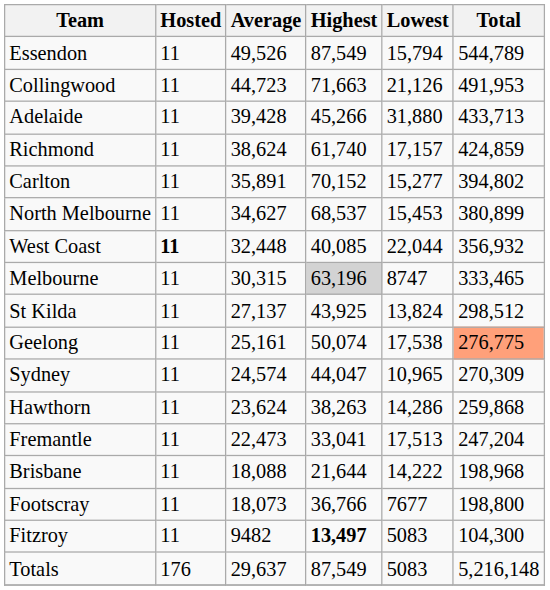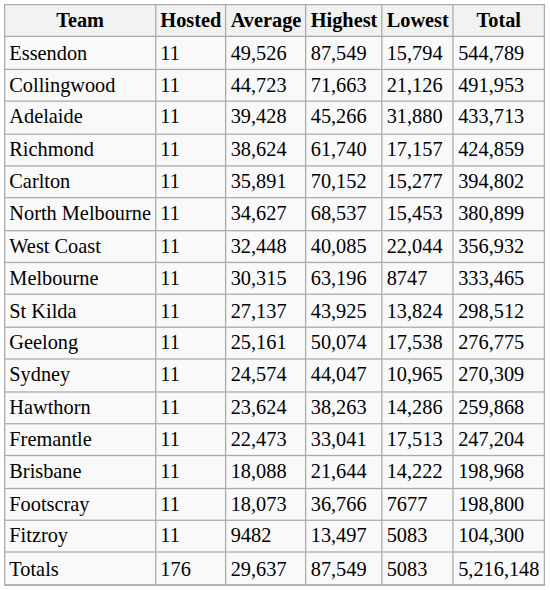 <table class="wikitable sortable">
 <tr>
 <th>Team</th>
 <th>Hosted</th>
 <th>Average</th>
 <th>Highest</th>
 <th>Lowest</th>
 <th>Total</th>
 </tr>
 <tr>
 <td>Essendon</td>
 <td>11</td>
 <td>49,526</td>
 <td>87,549</td>
 <td>15,794</td>
 <td>544,789</td>
 </tr>
 <tr>
 <td>Collingwood</td>
 <td>11</td>
 <td>44,723</td>
 <td>71,663</td>
 <td>21,126</td>
 <td>491,953</td>
 </tr>
 <tr>
 <td>Adelaide</td>
 <td>11</td>
 <td>39,428</td>
 <td>45,266</td>
 <td>31,880</td>
 <td>433,713</td>
 </tr>
 <tr>
 <td>Richmond</td>
 <td>11</td>
 <td>38,624</td>
 <td>61,740</td>
 <td>17,157</td>
 <td>424,859</td>
 </tr>
 <tr>
 <td>Carlton</td>
 <td>11</td>
 <td>35,891</td>
 <td>70,152</td>
 <td>15,277</td>
 <td>394,802</td>
 </tr>
 <tr>
 <td>North Melbourne</td>
 <td>11</td>
 <td>34,627</td>
 <td>68,537</td>
 <td>15,453</td>
 <td>380,899</td>
 </tr>
 <tr>
 <td>West Coast</td>
-<td><strong>11</strong></td>
+<td>11</td>
 <td>32,448</td>
 <td>40,085</td>
 <td>22,044</td>
 <td>356,932</td>
 </tr>
 <tr>
 <td>Melbourne</td>
 <td>11</td>
 <td>30,315</td>
-<td style="background: lightgrey;">63,196</td>
+<td>63,196</td>
 <td>8747</td>
 <td>333,465</td>
 </tr>
 <tr>
 <td>St Kilda</td>
 <td>11</td>
 <td>27,137</td>
 <td>43,925</td>
 <td>13,824</td>
 <td>298,512</td>
 </tr>
 <tr>
 <td>Geelong</td>
 <td>11</td>
 <td>25,161</td>
 <td>50,074</td>
 <td>17,538</td>
-<td style="background: lightsalmon;">276,775</td>
+<td>276,775</td>
 </tr>
 <tr>
 <td>Sydney</td>
 <td>11</td>
 <td>24,574</td>
 <td>44,047</td>
 <td>10,965</td>
 <td>270,309</td>
 </tr>
 <tr>
 <td>Hawthorn</td>
 <td>11</td>
 <td>23,624</td>
 <td>38,263</td>
 <td>14,286</td>
 <td>259,868</td>
 </tr>
 <tr>
 <td>Fremantle</td>
 <td>11</td>
 <td>22,473</td>
 <td>33,041</td>
 <td>17,513</td>
 <td>247,204</td>
 </tr>
 <tr>
 <td>Brisbane</td>
 <td>11</td>
 <td>18,088</td>
 <td>21,644</td>
 <td>14,222</td>
 <td>198,968</td>
 </tr>
 <tr>
 <td>Footscray</td>
 <td>11</td>
 <td>18,073</td>
 <td>36,766</td>
 <td>7677</td>
 <td>198,800</td>
 </tr>
 <tr>
 <td>Fitzroy</td>
 <td>11</td>
 <td>9482</td>
-<td><strong>13,497</strong></td>
+<td>13,497</td>
 <td>5083</td>
 <td>104,300</td>
 </tr>
 <tr>
 <td>Totals</td>
 <td>176</td>
 <td>29,637</td>
 <td>87,549</td>
 <td>5083</td>
 <td>5,216,148</td>
 </tr>
 <tr>
 </tr>
 </table>
